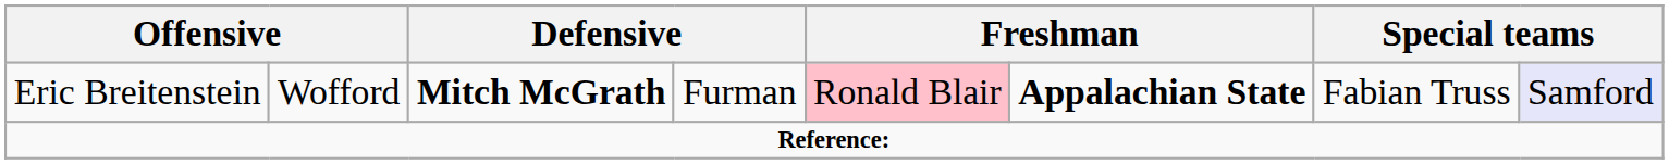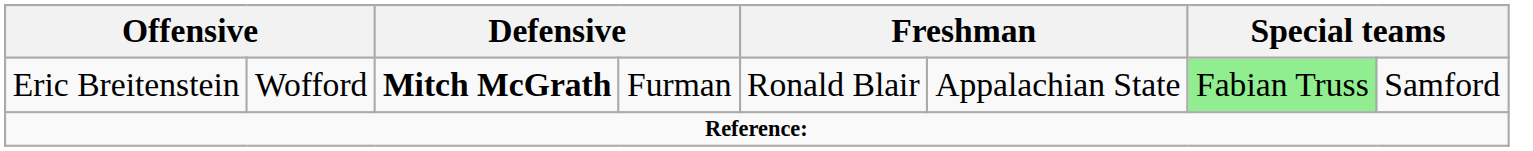 <table class="wikitable" border="1">
 <tr>
 <th colspan="2">Offensive</th>
 <th colspan="2">Defensive</th>
 <th colspan="2">Freshman</th>
 <th colspan="2">Special teams</th>
 </tr>
 <tr>
 <td>Eric Breitenstein</td>
 <td>Wofford</td>
 <td><strong>Mitch McGrath</strong></td>
 <td>Furman</td>
-<td style="background: pink;">Ronald Blair</td>
-<td><strong>Appalachian State</strong></td>
-<td>Fabian Truss</td>
-<td style="background: lavender;">Samford</td>
+<td>Ronald Blair</td>
+<td>Appalachian State</td>
+<td style="background: lightgreen;">Fabian Truss</td>
+<td>Samford</td>
 </tr>
 <tr>
 <td colspan="8" style="font-size: 8pt" align="center"><strong>Reference:</strong></td>
 </tr>
 </table>
